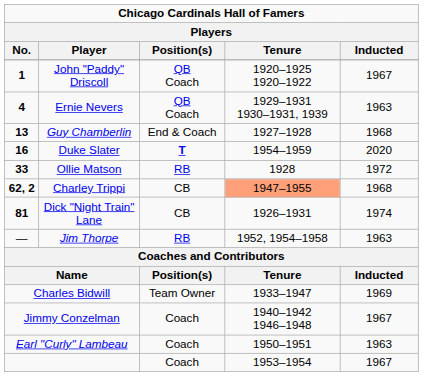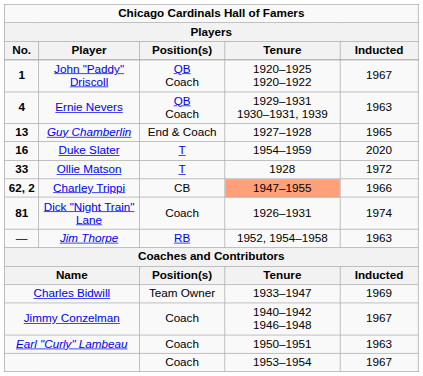 <table class="wikitable" style="text-align:center">
 <tr>
 <td colspan="5"><strong>Chicago Cardinals Hall of Famers</strong></td>
 </tr>
 <tr>
 <th colspan="5"><strong>Players</strong></th>
 </tr>
 <tr>
 <th style="width:40px;">No.</th>
 <th style="width:130px;">Player</th>
 <th style="width:110px;">Position(s)</th>
 <th style="width:150px;">Tenure</th>
 <th style="width:100px;">Inducted</th>
 </tr>
 <tr>
 </tr>
 <tr>
 <td><strong>1</strong></td>
 <td><a href='#'>John "Paddy" Driscoll</a></td>
 <td><a href='#'>QB</a><br>Coach</td>
 <td>1920–1925<br>1920–1922</td>
 <td>1967</td>
 </tr>
 <tr>
 <td><strong>4</strong></td>
 <td><a href='#'>Ernie Nevers</a></td>
 <td><a href='#'>QB</a><br>Coach</td>
 <td>1929–1931<br>1930–1931, 1939</td>
 <td>1963</td>
 </tr>
 <tr>
 <td><strong>13</strong></td>
 <td><em><a href='#'>Guy Chamberlin</a></em></td>
 <td>End & Coach</td>
 <td>1927–1928</td>
-<td>1968</td>
+<td>1965</td>
 </tr>
 <tr>
 <td><strong>16</strong></td>
 <td><a href='#'>Duke Slater</a></td>
-<td><strong><a href='#'>T</a></strong></td>
+<td><a href='#'>T</a></td>
 <td>1954–1959</td>
 <td>2020</td>
 </tr>
 <tr>
 <td><strong>33</strong></td>
 <td><a href='#'>Ollie Matson</a></td>
-<td><a href='#'>RB</a></td>
+<td><a href='#'>T</a></td>
 <td>1928</td>
 <td>1972</td>
 </tr>
 <tr>
 <td><strong>62, 2</strong></td>
 <td><a href='#'>Charley Trippi</a></td>
 <td Cornerback>CB</td>
 <td style="background: lightsalmon;">1947–1955</td>
-<td>1968</td>
+<td>1966</td>
 </tr>
 <tr>
 <td><strong>81</strong></td>
 <td><a href='#'>Dick "Night Train" Lane</a></td>
-<td Cornerback>CB</td>
+<td>Coach</td>
 <td>1926–1931</td>
 <td>1974</td>
 </tr>
 <tr>
 <td>—</td>
 <td><em><a href='#'>Jim Thorpe</a></em></td>
 <td><a href='#'>RB</a></td>
 <td>1952, 1954–1958</td>
 <td>1963</td>
 </tr>
 <tr>
 <th colspan="5"><strong>Coaches and Contributors</strong></th>
 </tr>
 <tr>
 <th style="width:130px;" colspan=2>Name</th>
 <th style="width:110px;">Position(s)</th>
 <th style="width:150px;">Tenure</th>
 <th style="width:100px;">Inducted</th>
 </tr>
 <tr>
 <td colspan=2><a href='#'>Charles Bidwill</a></td>
 <td>Team Owner</td>
 <td>1933–1947</td>
 <td>1969</td>
 </tr>
 <tr>
 <td colspan=2><a href='#'>Jimmy Conzelman</a></td>
 <td>Coach</td>
 <td>1940–1942<br>1946–1948</td>
 <td>1967</td>
 </tr>
 <tr>
 <td colspan=2><em><a href='#'>Earl "Curly" Lambeau</a></em></td>
 <td>Coach</td>
 <td>1950–1951</td>
 <td>1963</td>
 </tr>
 <tr>
 <td colspan=2><em></em></td>
 <td>Coach</td>
 <td>1953–1954</td>
 <td>1967</td>
 </tr>
 </table>
